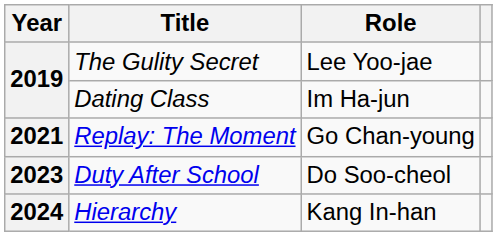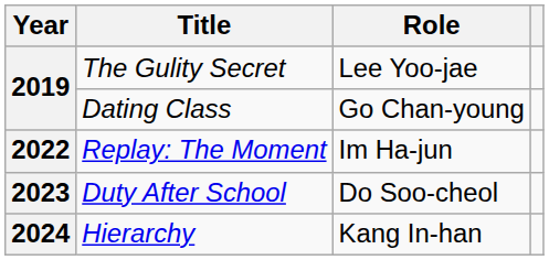 <table class="wikitable plainrowheaders sortable">
 <tr>
 <th scope="col">Year</th>
 <th scope="col">Title</th>
 <th scope="col">Role</th>
 <th scope="col" class="unsortable"></th>
 </tr>
 <tr>
 <th scope="row" rowspan="2">2019</th>
 <td><em>The Gulity Secret</em></td>
 <td>Lee Yoo-jae</td>
 <td style="text-align:center"></td>
 </tr>
 <tr>
 <td><em>Dating Class</em></td>
-<td>Im Ha-jun</td>
+<td>Go Chan-young</td>
 <td style="text-align:center"></td>
 </tr>
 <tr>
-<th scope="row">2021</th>
+<th scope="row">2022</th>
 <td><em><a href='#'>Replay: The Moment</a></em></td>
-<td>Go Chan-young</td>
+<td>Im Ha-jun</td>
 <td style="text-align:center"></td>
 </tr>
 <tr>
 <th scope="row">2023</th>
 <td><em><a href='#'>Duty After School</a></em></td>
 <td>Do Soo-cheol</td>
 <td style="text-align:center"></td>
 </tr>
 <tr>
 <th scope="row">2024</th>
 <td><em><a href='#'>Hierarchy</a></em></td>
 <td>Kang In-han</td>
 <td style="text-align:center"></td>
 </tr>
 </table>
